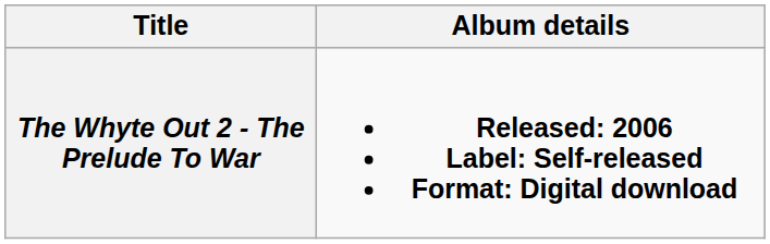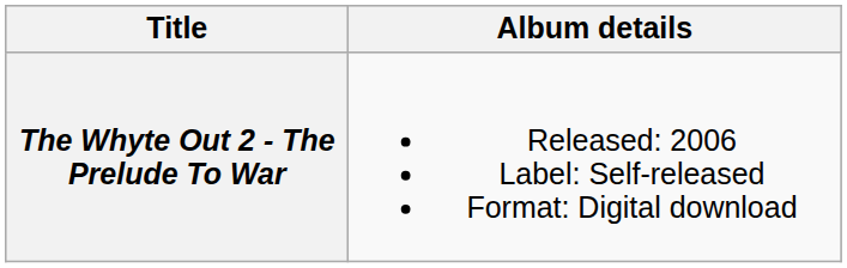 <table class="wikitable plainrowheaders" style="text-align:center;">
 <tr>
 <th scope="col" style="width:11em;">Title</th>
 <th scope="col" style="width:16em;">Album details</th>
 </tr>
 <tr>
 <th scope="row"><em>The Whyte Out 2 - The Prelude To War</em></th>
-<td><strong><br><ul><li>Released: 2006</li><li>Label: Self-released</li><li>Format: Digital download</li></ul></strong></td>
+<td><br><ul><li>Released: 2006</li><li>Label: Self-released</li><li>Format: Digital download</li></ul></td>
 </tr>
 </table>
